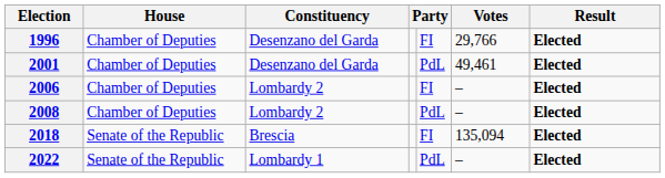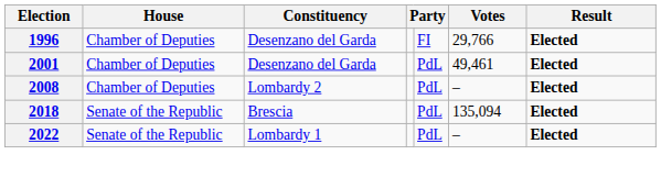 <table class=wikitable style="width:55%; border:1px #AAAAFF solid">
 <tr>
 <th width=12%>Election</th>
 <th width=25%>House</th>
 <th width=25%>Constituency</th>
 <th width=5% colspan="2">Party</th>
 <th width=12%>Votes</th>
 <th width=20%>Result</th>
 </tr>
 <tr>
 <th><a href='#'>1996</a></th>
 <td><a href='#'>Chamber of Deputies</a></td>
 <td><a href='#'>Desenzano del Garda</a></td>
 <td></td>
 <td><a href='#'>FI</a></td>
 <td>29,766</td>
 <td> <strong>Elected</strong></td>
 </tr>
 <tr>
 <th><a href='#'>2001</a></th>
 <td><a href='#'>Chamber of Deputies</a></td>
 <td><a href='#'>Desenzano del Garda</a></td>
 <td></td>
 <td><a href='#'>PdL</a></td>
 <td>49,461</td>
 <td> <strong>Elected</strong></td>
 </tr>
 <tr>
-<th><a href='#'>2006</a></th>
-<td><a href='#'>Chamber of Deputies</a></td>
-<td><a href='#'>Lombardy 2</a></td>
-<td></td>
-<td><a href='#'>FI</a></td>
-<td>–</td>
-<td> <strong>Elected</strong></td>
-</tr>
-<tr>
 <th><a href='#'>2008</a></th>
 <td><a href='#'>Chamber of Deputies</a></td>
 <td><a href='#'>Lombardy 2</a></td>
 <td></td>
 <td><a href='#'>PdL</a></td>
 <td>–</td>
 <td> <strong>Elected</strong></td>
 </tr>
 <tr>
 <th><a href='#'>2018</a></th>
 <td><a href='#'>Senate of the Republic</a></td>
 <td><a href='#'>Brescia</a></td>
 <td></td>
-<td><a href='#'>FI</a></td>
+<td><a href='#'>PdL</a></td>
 <td>135,094</td>
 <td> <strong>Elected</strong></td>
 </tr>
 <tr>
 <th><a href='#'>2022</a></th>
 <td><a href='#'>Senate of the Republic</a></td>
 <td><a href='#'>Lombardy 1</a></td>
 <td></td>
 <td><a href='#'>PdL</a></td>
 <td>–</td>
 <td> <strong>Elected</strong></td>
 </tr>
 </table>
